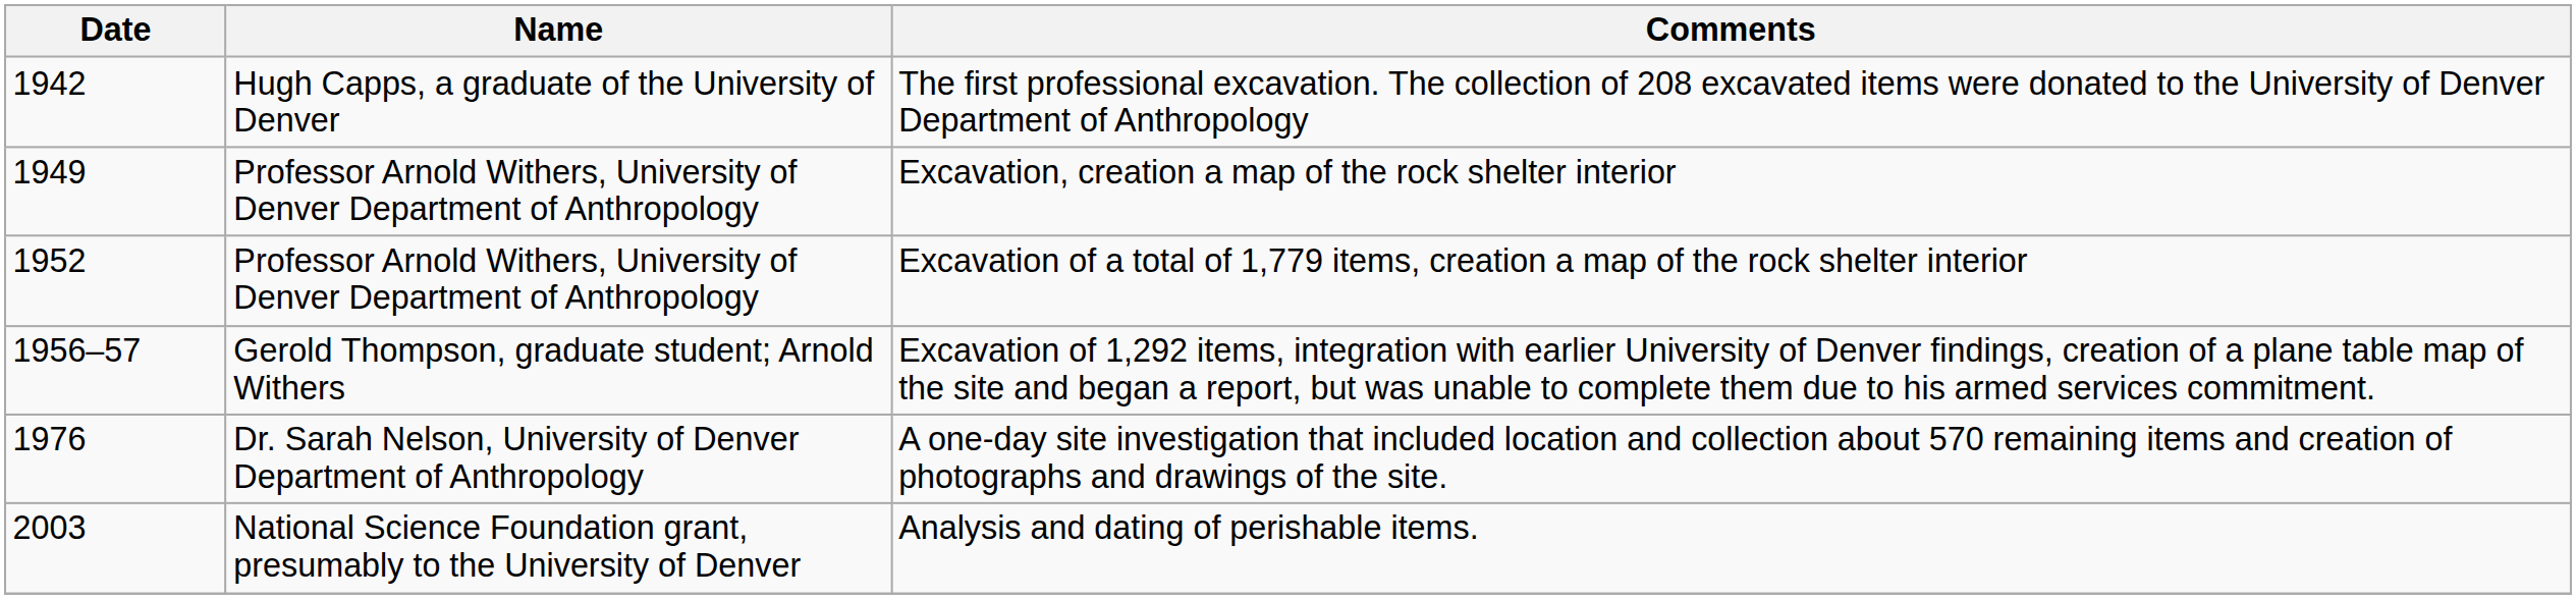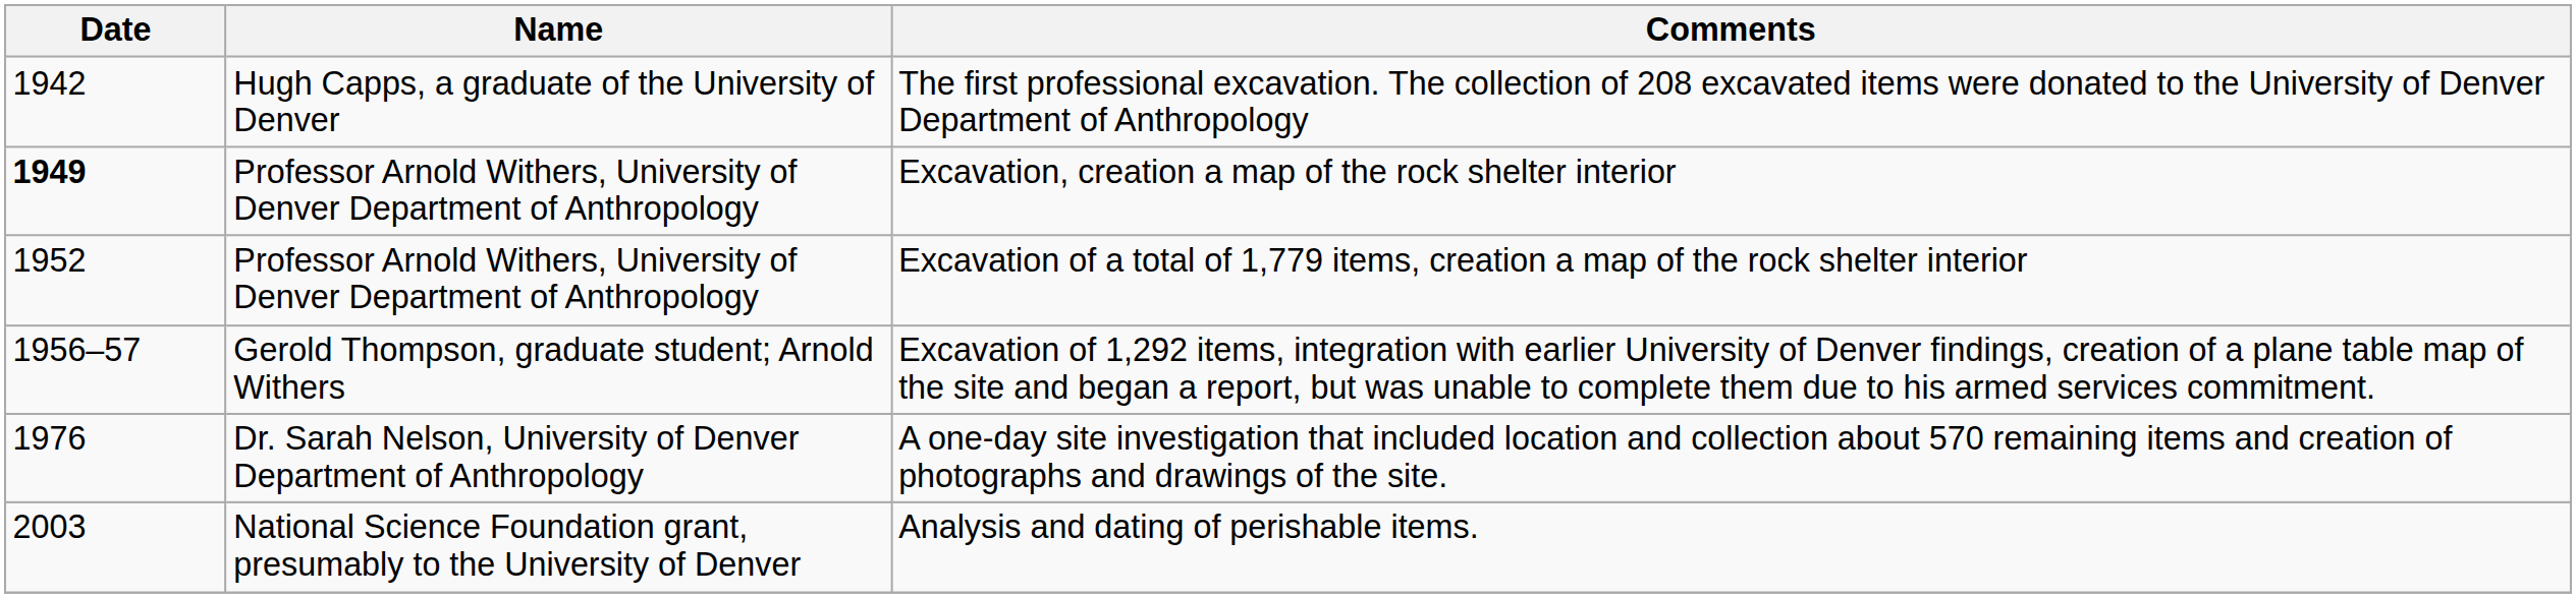 <table class="wikitable">
 <tr>
 <th scope="col" width="100">Date</th>
 <th scope="col">Name</th>
 <th scope="col">Comments</th>
 </tr>
 <tr valign="top">
 <td>1942</td>
 <td>Hugh Capps, a graduate of the University of Denver</td>
 <td>The first professional excavation. The collection of 208 excavated items were donated to the University of Denver Department of Anthropology</td>
 </tr>
 <tr valign="top">
-<td>1949</td>
+<td><strong>1949</strong></td>
 <td>Professor Arnold Withers, University of Denver Department of Anthropology</td>
 <td>Excavation, creation a map of the rock shelter interior</td>
 </tr>
 <tr valign="top">
 <td>1952</td>
 <td>Professor Arnold Withers, University of Denver Department of Anthropology</td>
 <td>Excavation of a total of 1,779 items, creation a map of the rock shelter interior</td>
 </tr>
 <tr valign="top">
 <td>1956–57</td>
 <td>Gerold Thompson, graduate student; Arnold Withers</td>
 <td>Excavation of 1,292 items, integration with earlier University of Denver findings, creation of a plane table map of the site and began a report, but was unable to complete them due to his armed services commitment.</td>
 </tr>
 <tr valign="top">
 <td>1976</td>
 <td>Dr. Sarah Nelson, University of Denver Department of Anthropology</td>
 <td>A one-day site investigation that included location and collection about 570 remaining items and creation of photographs and drawings of the site.</td>
 </tr>
 <tr valign="top">
 <td>2003</td>
 <td>National Science Foundation grant, presumably to the University of Denver</td>
 <td>Analysis and dating of perishable items.</td>
 </tr>
 <tr>
 </tr>
 </table>
